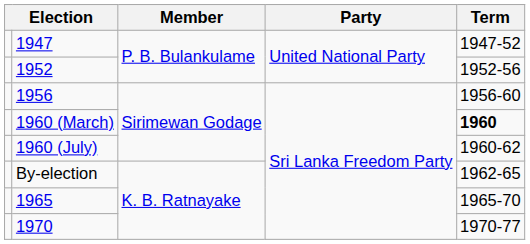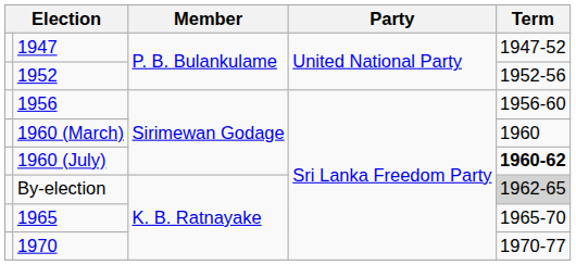 <table class="wikitable">
 <tr>
 <th colspan="2">Election</th>
 <th>Member</th>
 <th>Party</th>
 <th>Term</th>
 </tr>
 <tr>
 <td style="background-color: "></td>
 <td><a href='#'>1947</a></td>
 <td rowspan=2><a href='#'>P. B. Bulankulame</a></td>
 <td rowspan=2><a href='#'>United National Party</a></td>
 <td>1947-52</td>
 </tr>
 <tr>
 <td style="background-color: "></td>
 <td><a href='#'>1952</a></td>
 <td>1952-56</td>
 </tr>
 <tr>
 <td style="background-color: "></td>
 <td><a href='#'>1956</a></td>
 <td rowspan=3><a href='#'>Sirimewan Godage</a></td>
 <td rowspan=6><a href='#'>Sri Lanka Freedom Party</a></td>
 <td>1956-60</td>
 </tr>
 <tr>
 <td style="background-color: "></td>
 <td><a href='#'>1960 (March)</a></td>
-<td><strong>1960</strong></td>
+<td>1960</td>
 </tr>
 <tr>
 <td style="background-color: "></td>
 <td><a href='#'>1960 (July)</a></td>
-<td>1960-62</td>
+<td><strong>1960-62</strong></td>
 </tr>
 <tr>
 <td style="background-color: "></td>
 <td>By-election</td>
 <td rowspan=3><a href='#'>K. B. Ratnayake</a></td>
-<td>1962-65</td>
+<td style="background: lightgrey;">1962-65</td>
 </tr>
 <tr>
 <td style="background-color: "></td>
 <td><a href='#'>1965</a></td>
 <td>1965-70</td>
 </tr>
 <tr>
 <td style="background-color: "></td>
 <td><a href='#'>1970</a></td>
 <td>1970-77</td>
 </tr>
 </table>
